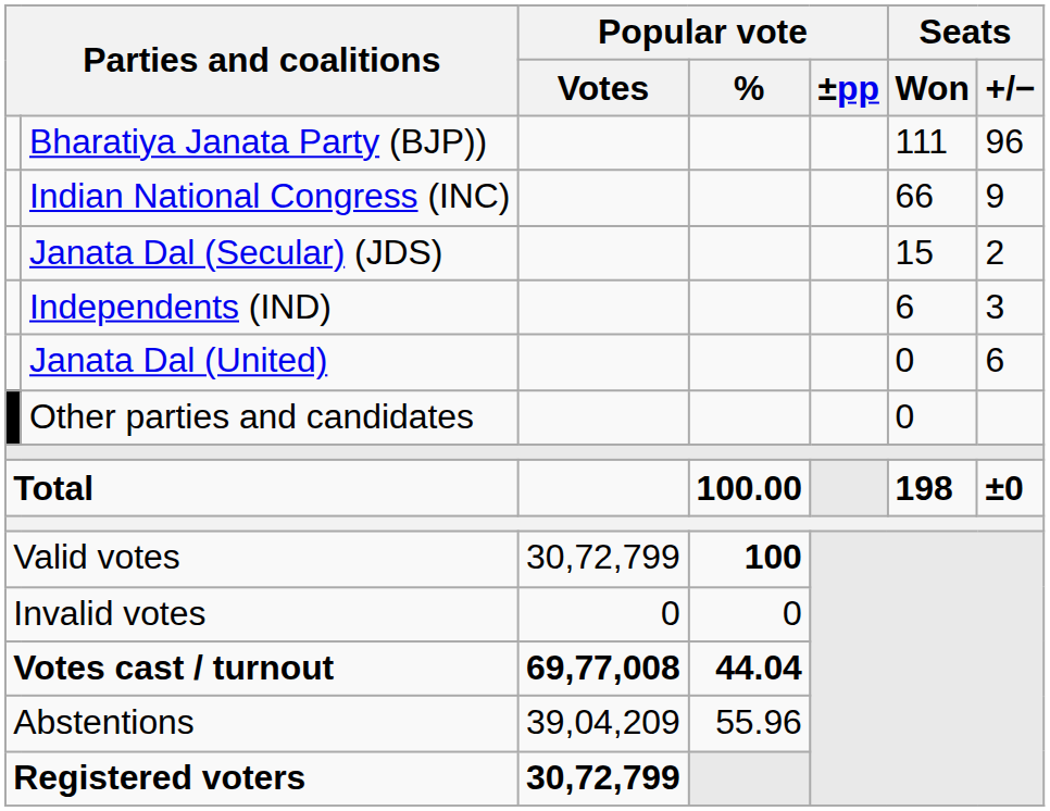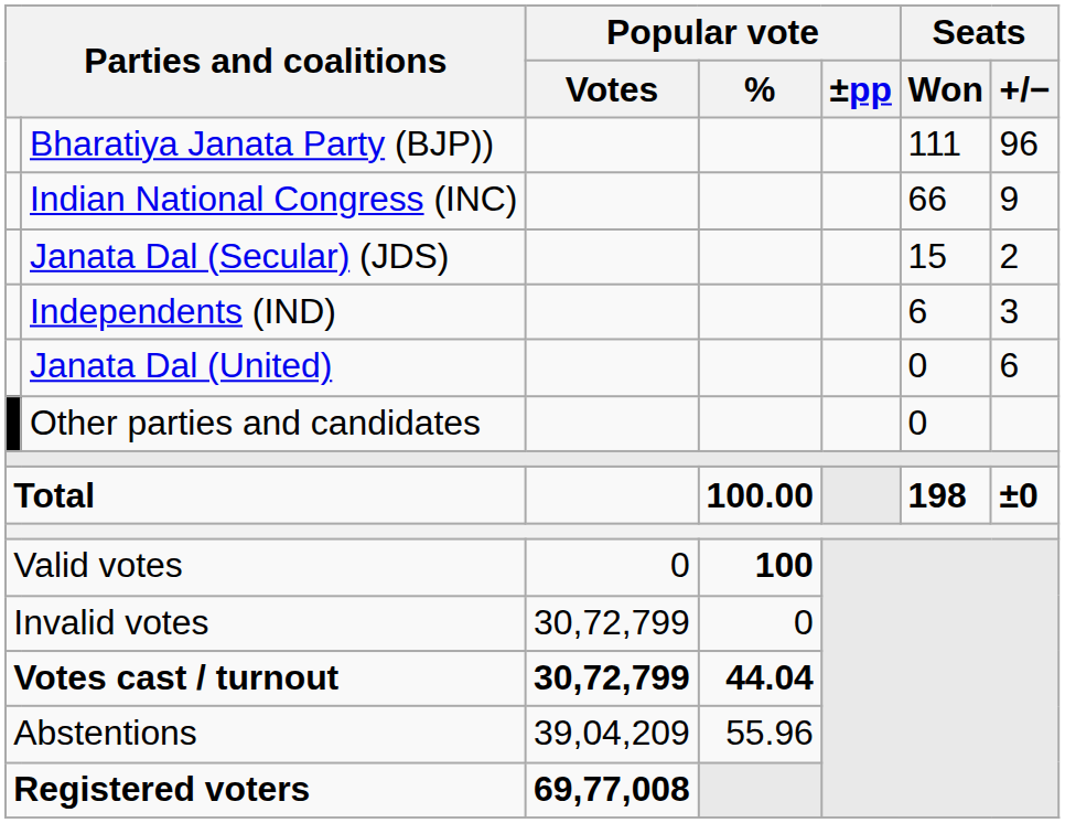 <table class="wikitable sortable">
 <tr>
 <th colspan="2" rowspan="2">Parties and coalitions</th>
 <th colspan="3">Popular vote</th>
 <th colspan="2">Seats</th>
 </tr>
 <tr>
 <th>Votes</th>
 <th>%</th>
 <th>±<a href='#'>pp</a></th>
 <th>Won</th>
 <th><strong>+/−</strong></th>
 </tr>
 <tr>
 <td></td>
 <td><a href='#'>Bharatiya Janata Party</a> (BJP))</td>
 <td></td>
 <td></td>
 <td></td>
 <td>111</td>
 <td>96</td>
 </tr>
 <tr>
 <td></td>
 <td><a href='#'>Indian National Congress</a> (INC)</td>
 <td></td>
 <td></td>
 <td></td>
 <td>66</td>
 <td>9</td>
 </tr>
 <tr>
 <td></td>
 <td><a href='#'>Janata Dal (Secular)</a> (JDS)</td>
 <td></td>
 <td></td>
 <td></td>
 <td>15</td>
 <td>2</td>
 </tr>
 <tr>
 <td></td>
 <td><a href='#'>Independents</a> (IND)</td>
 <td></td>
 <td></td>
 <td></td>
 <td>6</td>
 <td>3</td>
 </tr>
 <tr>
 <td></td>
 <td><a href='#'>Janata Dal (United)</a></td>
 <td></td>
 <td></td>
 <td></td>
 <td>0</td>
 <td>6</td>
 </tr>
 <tr>
 <td bgcolor="black"></td>
 <td>Other parties and candidates</td>
 <td></td>
 <td></td>
 <td></td>
 <td>0</td>
 <td></td>
 </tr>
 <tr>
 <td colspan="7" bgcolor="#E9E9E9"></td>
 </tr>
 <tr style="font-weight:bold;">
 <td align="left" colspan="2">Total</td>
 <td></td>
 <td>100.00</td>
 <td bgcolor="#E9E9E9"></td>
 <td>198</td>
 <td>±0</td>
 </tr>
 <tr>
 <th colspan="9"></th>
 </tr>
 <tr>
 <td style="text-align:left;" colspan="2">Valid votes</td>
-<td align="right">30,72,799</td>
+<td align="right">0</td>
 <td align="right"><strong>100</strong></td>
 <td colspan="4" rowspan="5" style="background-color:#E9E9E9"></td>
 </tr>
 <tr>
 <td style="text-align:left;" colspan="2">Invalid votes</td>
-<td align="right">0</td>
+<td align="right">30,72,799</td>
 <td align="right">0</td>
 </tr>
 <tr>
 <td style="text-align:left;" colspan="2"><strong>Votes cast / turnout</strong></td>
-<td align="right"><strong>69,77,008</strong></td>
+<td align="right"><strong>30,72,799</strong></td>
 <td align="right"><strong>44.04</strong></td>
 </tr>
 <tr>
 <td style="text-align:left;" colspan="2">Abstentions</td>
 <td align="right">39,04,209</td>
 <td align="right">55.96</td>
 </tr>
 <tr>
 <td style="text-align:left;" colspan="2"><strong>Registered voters</strong></td>
-<td align="right"><strong>30,72,799</strong></td>
+<td align="right"><strong>69,77,008</strong></td>
 <td colspan="1" style="background-color:#E9E9E9"></td>
 </tr>
 <tr>
 </tr>
 </table>
